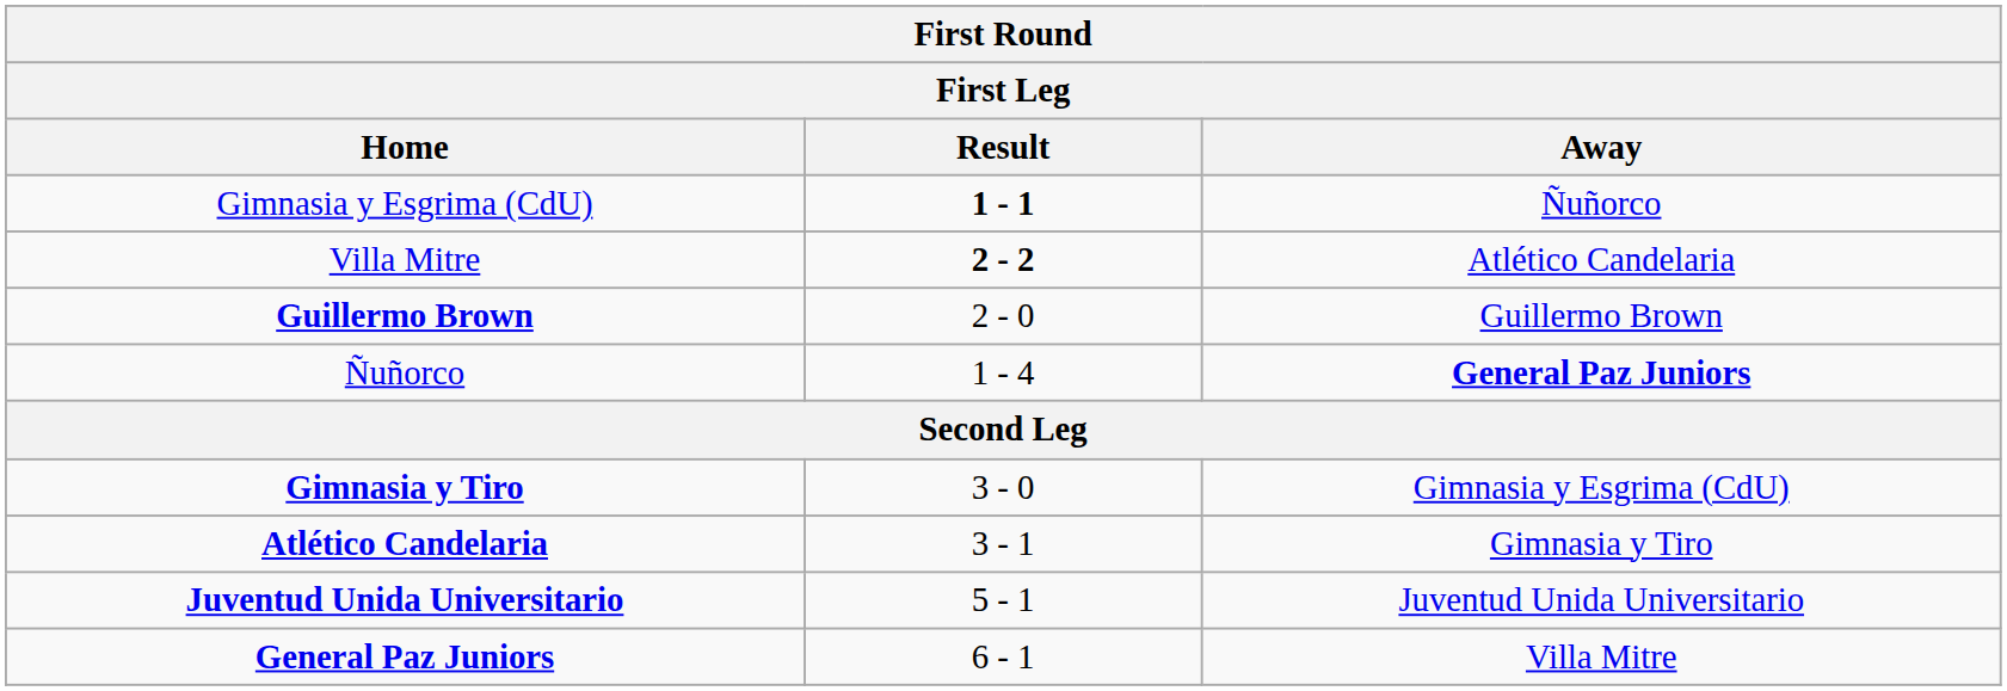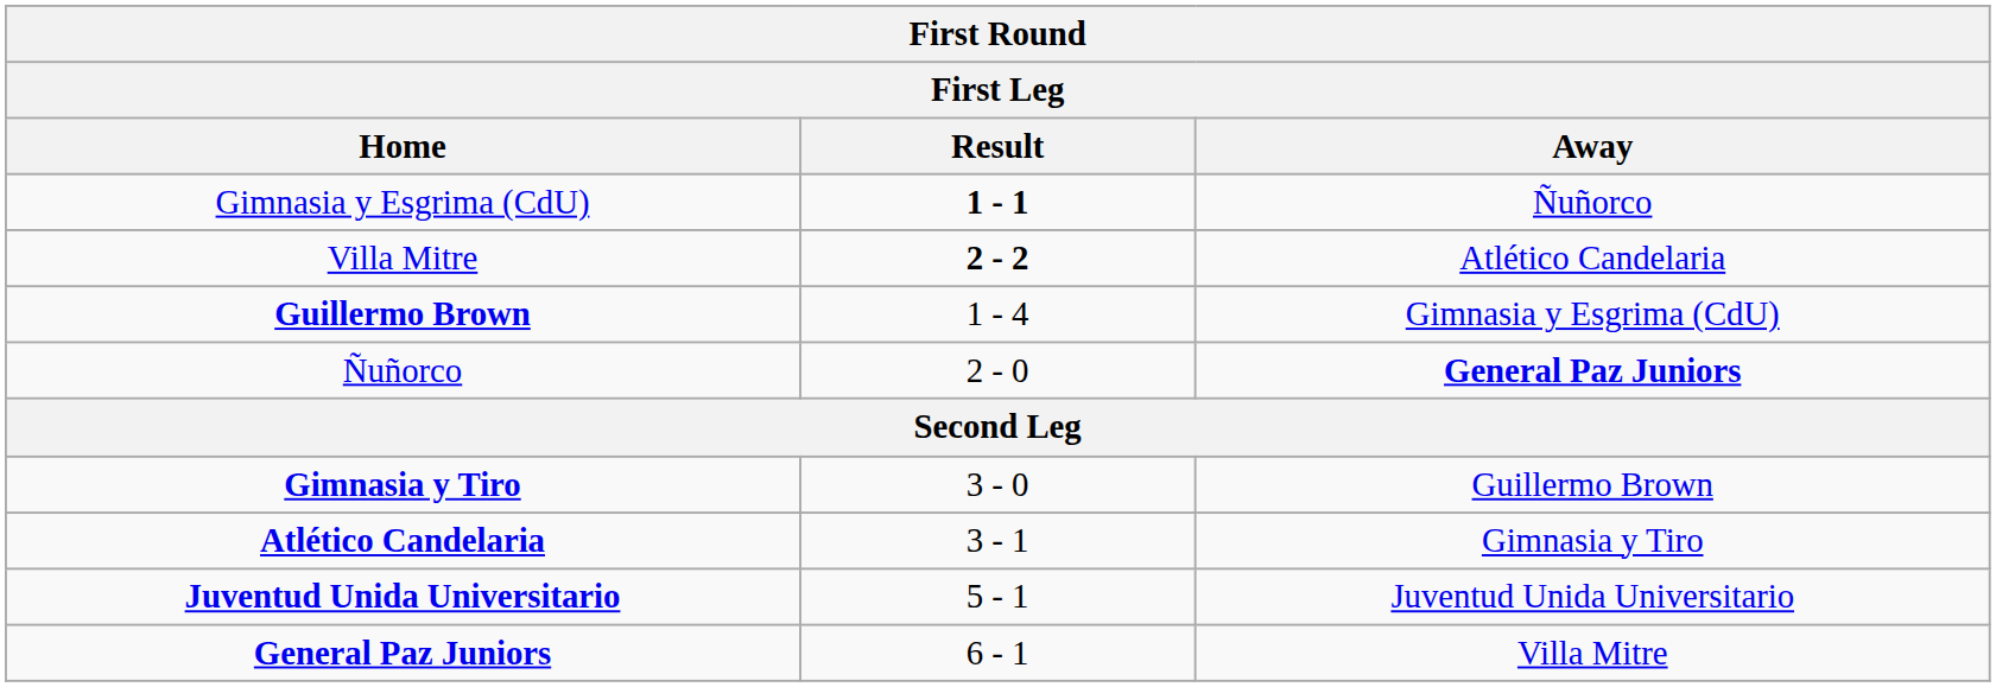 <table align=center class="wikitable collapsible collapsed" style="font-size:95%; text-align: center; width: 70%;">
 <tr>
 <th colspan=100% style="with: 100%;" align=center>First Round</th>
 </tr>
 <tr>
 <th colspan=100% style="with: 75%;" align=center>First Leg</th>
 </tr>
 <tr>
 <th width=30%>Home</th>
 <th width=15%>Result</th>
 <th width=30%>Away</th>
 </tr>
 <tr align=center>
 <td><a href='#'>Gimnasia y Esgrima (CdU)</a></td>
 <td><strong>1 - 1</strong></td>
 <td><a href='#'>Ñuñorco</a></td>
 </tr>
 <tr align=center>
 <td><a href='#'>Villa Mitre</a></td>
 <td><strong>2 - 2</strong></td>
 <td><a href='#'>Atlético Candelaria</a></td>
 </tr>
 <tr align=center>
 <td><strong><a href='#'>Guillermo Brown</a></strong></td>
-<td>2 - 0</td>
-<td><a href='#'>Guillermo Brown</a></td>
+<td>1 - 4</td>
+<td><a href='#'>Gimnasia y Esgrima (CdU)</a></td>
 </tr>
 <tr align=center>
 <td><a href='#'>Ñuñorco</a></td>
-<td>1 - 4</td>
+<td>2 - 0</td>
 <td><strong><a href='#'>General Paz Juniors</a></strong></td>
 </tr>
 <tr>
 <th colspan="100%"  style="with:75%; text-align:center;">Second Leg</th>
 </tr>
 <tr align=center>
 <td><strong><a href='#'>Gimnasia y Tiro</a></strong></td>
 <td>3 - 0</td>
-<td><a href='#'>Gimnasia y Esgrima (CdU)</a></td>
+<td><a href='#'>Guillermo Brown</a></td>
 </tr>
 <tr align=center>
 <td><strong><a href='#'>Atlético Candelaria</a></strong></td>
 <td>3 - 1</td>
 <td><a href='#'>Gimnasia y Tiro</a></td>
 </tr>
 <tr align=center>
 <td><strong><a href='#'>Juventud Unida Universitario</a></strong></td>
 <td>5 - 1</td>
 <td><a href='#'>Juventud Unida Universitario</a></td>
 </tr>
 <tr align=center>
 <td><strong><a href='#'>General Paz Juniors</a></strong></td>
 <td>6 - 1</td>
 <td><a href='#'>Villa Mitre</a></td>
 </tr>
 </table>
